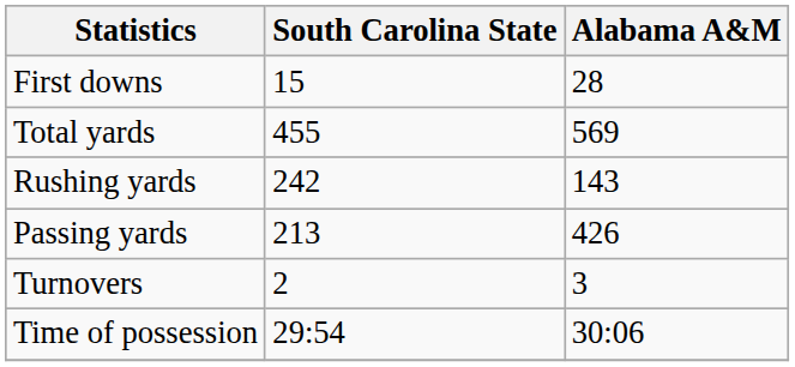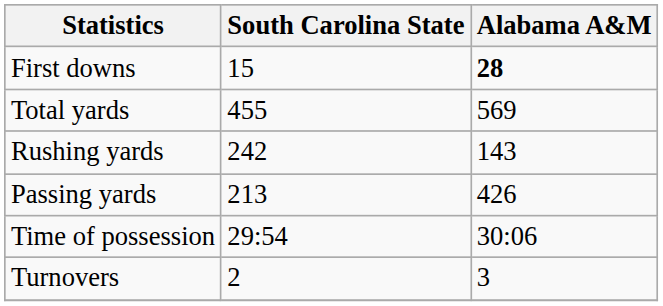 <table class="wikitable">
 <tr>
 <th>Statistics</th>
 <th>South Carolina State</th>
 <th>Alabama A&M</th>
 </tr>
 <tr>
 <td>First downs</td>
 <td>15</td>
-<td>28</td>
+<td><strong>28</strong></td>
 </tr>
 <tr>
 <td>Total yards</td>
 <td>455</td>
 <td>569</td>
 </tr>
 <tr>
 <td>Rushing yards</td>
 <td>242</td>
 <td>143</td>
 </tr>
 <tr>
 <td>Passing yards</td>
 <td>213</td>
 <td>426</td>
 </tr>
 <tr>
+<td>Time of possession</td>
+<td>29:54</td>
+<td>30:06</td>
+</tr>
+<tr>
 <td>Turnovers</td>
 <td>2</td>
 <td>3</td>
 </tr>
 <tr>
-<td>Time of possession</td>
-<td>29:54</td>
-<td>30:06</td>
-</tr>
-<tr>
 </tr>
 </table>
